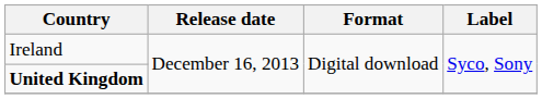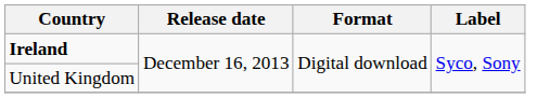 <table class="wikitable sortable plainrowheaders">
 <tr>
 <th scope="col">Country</th>
 <th scope="col">Release date</th>
 <th scope="col">Format</th>
 <th scope="col">Label</th>
 </tr>
 <tr>
-<td>Ireland</td>
+<td><strong>Ireland</strong></td>
 <td rowspan="2">December 16, 2013</td>
 <td rowspan="2">Digital download</td>
 <td rowspan="2"><a href='#'>Syco</a>, <a href='#'>Sony</a></td>
 </tr>
 <tr>
-<td><strong>United Kingdom</strong></td>
+<td>United Kingdom</td>
 </tr>
 <tr>
 </tr>
 </table>
